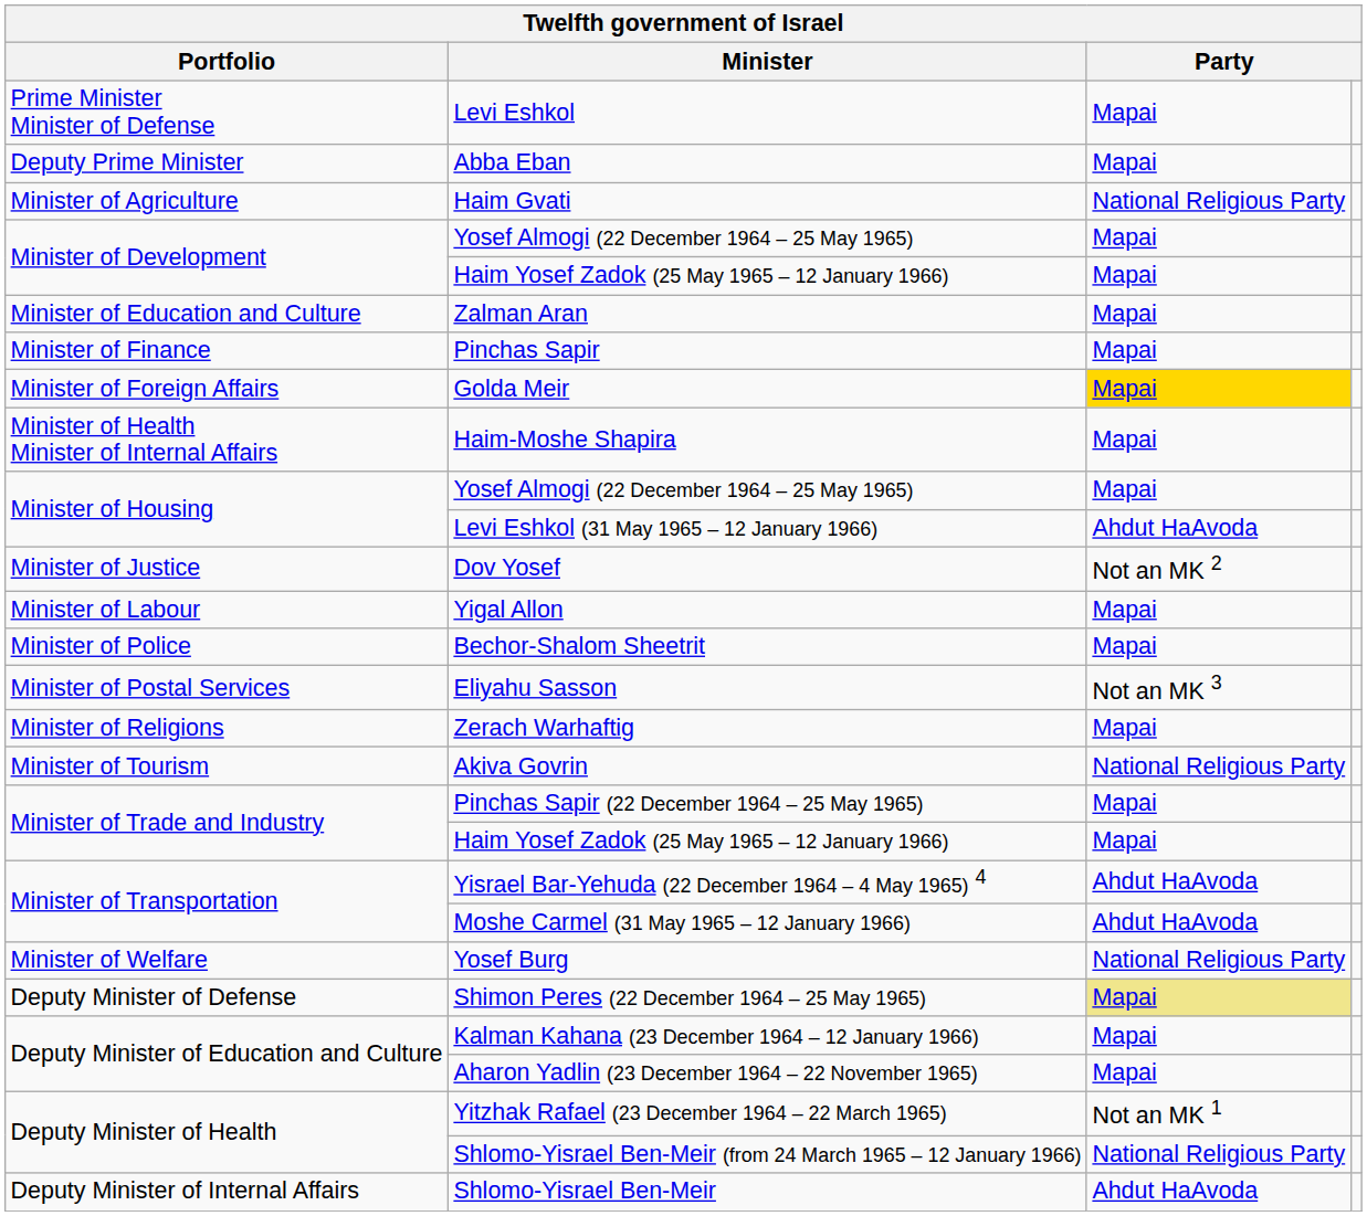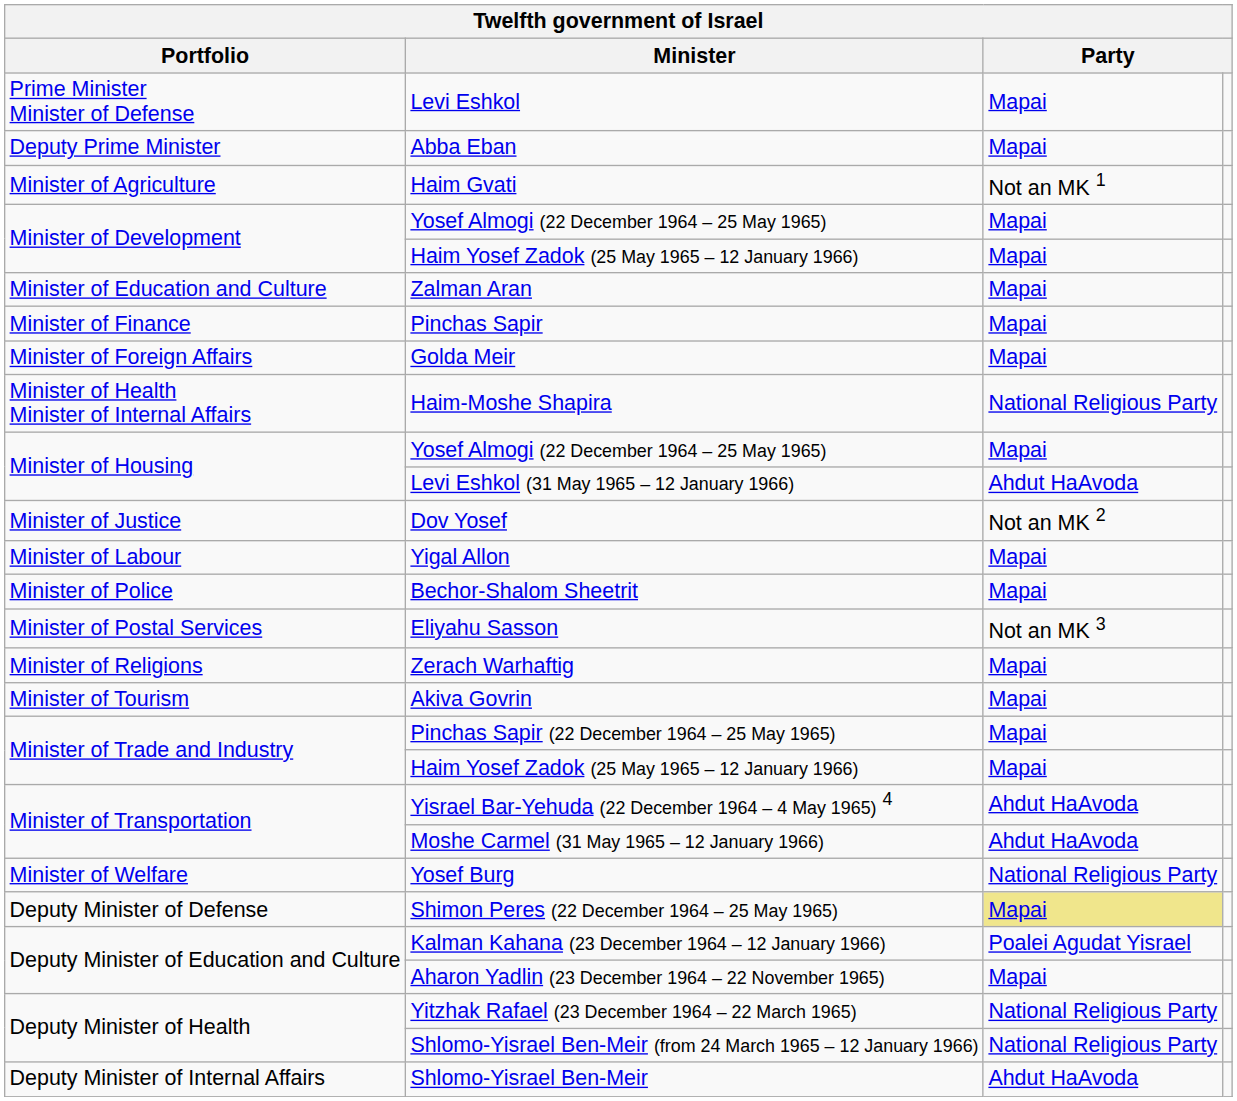 <table class="wikitable sortable" style="text-align:left">
 <tr>
 <th colspan="4">Twelfth government of Israel</th>
 </tr>
 <tr>
 <th>Portfolio</th>
 <th>Minister</th>
 <th colspan="2">Party</th>
 </tr>
 <tr>
 <td><a href='#'>Prime Minister</a><br><a href='#'>Minister of Defense</a></td>
 <td><a href='#'>Levi Eshkol</a></td>
 <td><a href='#'>Mapai</a></td>
 <td style="background:"></td>
 </tr>
 <tr>
 <td><a href='#'>Deputy Prime Minister</a></td>
 <td><a href='#'>Abba Eban</a></td>
 <td><a href='#'>Mapai</a></td>
 <td style="background:"></td>
 </tr>
 <tr>
 <td><a href='#'>Minister of Agriculture</a></td>
 <td><a href='#'>Haim Gvati</a></td>
-<td><a href='#'>National Religious Party</a></td>
+<td>Not an MK <sup>1</sup></td>
 <td style="background:"></td>
 </tr>
 <tr>
 <td rowspan=2><a href='#'>Minister of Development</a></td>
 <td><a href='#'>Yosef Almogi</a> <small>(22 December 1964 – 25 May 1965)</small></td>
 <td><a href='#'>Mapai</a></td>
 <td style="background:"></td>
 </tr>
 <tr>
 <td><a href='#'>Haim Yosef Zadok</a> <small>(25 May 1965 – 12 January 1966)</small></td>
 <td><a href='#'>Mapai</a></td>
 <td style="background:"></td>
 </tr>
 <tr>
 <td><a href='#'>Minister of Education and Culture</a></td>
 <td><a href='#'>Zalman Aran</a></td>
 <td><a href='#'>Mapai</a></td>
 <td style="background:"></td>
 </tr>
 <tr>
 <td><a href='#'>Minister of Finance</a></td>
 <td><a href='#'>Pinchas Sapir</a></td>
 <td><a href='#'>Mapai</a></td>
 <td style="background:"></td>
 </tr>
 <tr>
 <td><a href='#'>Minister of Foreign Affairs</a></td>
 <td><a href='#'>Golda Meir</a></td>
-<td style="background: gold;"><a href='#'>Mapai</a></td>
+<td><a href='#'>Mapai</a></td>
 <td style="background:"></td>
 </tr>
 <tr>
 <td><a href='#'>Minister of Health</a><br><a href='#'>Minister of Internal Affairs</a></td>
 <td><a href='#'>Haim-Moshe Shapira</a></td>
-<td><a href='#'>Mapai</a></td>
+<td><a href='#'>National Religious Party</a></td>
 <td style="background:"></td>
 </tr>
 <tr>
 <td rowspan=2><a href='#'>Minister of Housing</a></td>
 <td><a href='#'>Yosef Almogi</a> <small>(22 December 1964 – 25 May 1965)</small></td>
 <td><a href='#'>Mapai</a></td>
 <td style="background:"></td>
 </tr>
 <tr>
 <td><a href='#'>Levi Eshkol</a> <small>(31 May 1965 – 12 January 1966)</small></td>
 <td><a href='#'>Ahdut HaAvoda</a></td>
 <td style="background:"></td>
 </tr>
 <tr>
 <td><a href='#'>Minister of Justice</a></td>
 <td><a href='#'>Dov Yosef</a></td>
 <td>Not an MK <sup>2</sup></td>
 <td style="background:"></td>
 </tr>
 <tr>
 <td><a href='#'>Minister of Labour</a></td>
 <td><a href='#'>Yigal Allon</a></td>
 <td><a href='#'>Mapai</a></td>
 <td style="background:"></td>
 </tr>
 <tr>
 <td><a href='#'>Minister of Police</a></td>
 <td><a href='#'>Bechor-Shalom Sheetrit</a></td>
 <td><a href='#'>Mapai</a></td>
 <td style="background:"></td>
 </tr>
 <tr>
 <td><a href='#'>Minister of Postal Services</a></td>
 <td><a href='#'>Eliyahu Sasson</a></td>
 <td>Not an MK <sup>3</sup></td>
 <td style="background:"></td>
 </tr>
 <tr>
 <td><a href='#'>Minister of Religions</a></td>
 <td><a href='#'>Zerach Warhaftig</a></td>
 <td><a href='#'>Mapai</a></td>
 <td style="background:"></td>
 </tr>
 <tr>
 <td><a href='#'>Minister of Tourism</a></td>
 <td><a href='#'>Akiva Govrin</a></td>
-<td><a href='#'>National Religious Party</a></td>
+<td><a href='#'>Mapai</a></td>
 <td style="background:"></td>
 </tr>
 <tr>
 <td rowspan=2><a href='#'>Minister of Trade and Industry</a></td>
 <td><a href='#'>Pinchas Sapir</a> <small>(22 December 1964 – 25 May 1965)</small></td>
 <td><a href='#'>Mapai</a></td>
 <td style="background:"></td>
 </tr>
 <tr>
 <td><a href='#'>Haim Yosef Zadok</a> <small>(25 May 1965 – 12 January 1966)</small></td>
 <td><a href='#'>Mapai</a></td>
 <td style="background:"></td>
 </tr>
 <tr>
 <td rowspan=2><a href='#'>Minister of Transportation</a></td>
 <td><a href='#'>Yisrael Bar-Yehuda</a> <small>(22 December 1964 – 4 May 1965)</small> <sup>4</sup></td>
 <td><a href='#'>Ahdut HaAvoda</a></td>
 <td style="background:"></td>
 </tr>
 <tr>
 <td><a href='#'>Moshe Carmel</a> <small>(31 May 1965 – 12 January 1966)</small></td>
 <td><a href='#'>Ahdut HaAvoda</a></td>
 <td style="background:"></td>
 </tr>
 <tr>
 <td><a href='#'>Minister of Welfare</a></td>
 <td><a href='#'>Yosef Burg</a></td>
 <td><a href='#'>National Religious Party</a></td>
 <td style="background:"></td>
 </tr>
 <tr>
 <td>Deputy Minister of Defense</td>
 <td><a href='#'>Shimon Peres</a> <small>(22 December 1964 – 25 May 1965)</small></td>
 <td style="background: khaki;"><a href='#'>Mapai</a></td>
 <td style="background:"></td>
 </tr>
 <tr>
 <td rowspan=2>Deputy Minister of Education and Culture</td>
 <td><a href='#'>Kalman Kahana</a> <small>(23 December 1964 – 12 January 1966)</small></td>
-<td><a href='#'>Mapai</a></td>
+<td><a href='#'>Poalei Agudat Yisrael</a></td>
 <td style="background:"></td>
 </tr>
 <tr>
 <td><a href='#'>Aharon Yadlin</a> <small>(23 December 1964 – 22 November 1965)</small></td>
 <td><a href='#'>Mapai</a></td>
 <td style="background:"></td>
 </tr>
 <tr>
 <td rowspan=2>Deputy Minister of Health</td>
 <td><a href='#'>Yitzhak Rafael</a> <small>(23 December 1964 – 22 March 1965)</small></td>
-<td>Not an MK <sup>1</sup></td>
+<td><a href='#'>National Religious Party</a></td>
 <td style="background:"></td>
 </tr>
 <tr>
 <td><a href='#'>Shlomo-Yisrael Ben-Meir</a> <small>(from 24 March 1965 – 12 January 1966)</small></td>
 <td><a href='#'>National Religious Party</a></td>
 <td style="background:"></td>
 </tr>
 <tr>
 <td>Deputy Minister of Internal Affairs</td>
 <td><a href='#'>Shlomo-Yisrael Ben-Meir</a></td>
 <td><a href='#'>Ahdut HaAvoda</a></td>
 <td style="background:"></td>
 </tr>
 </table>
